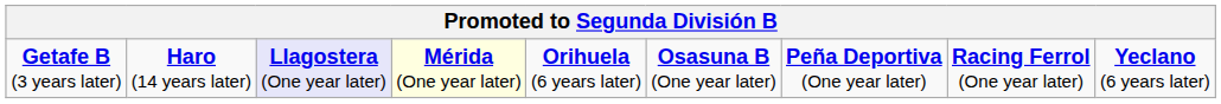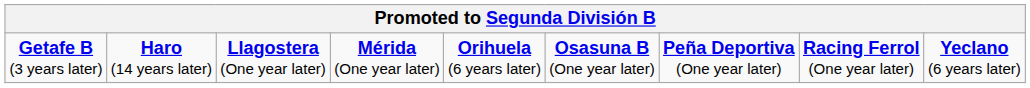 <table class="wikitable" style="text-align: center; margin: 0 auto;">
 <tr>
 <th colspan="9">Promoted to <a href='#'>Segunda División B</a></th>
 </tr>
 <tr>
 <td><strong><a href='#'>Getafe B</a></strong><br><small>(3 years later)</small></td>
 <td><strong><a href='#'>Haro</a></strong><br><small>(14 years later)</small></td>
-<td style="background: lavender;"><strong><a href='#'>Llagostera</a></strong><br><small>(One year later)</small></td>
-<td style="background: lightyellow;"><strong><a href='#'>Mérida</a></strong><br><small>(One year later)</small></td>
+<td><strong><a href='#'>Llagostera</a></strong><br><small>(One year later)</small></td>
+<td><strong><a href='#'>Mérida</a></strong><br><small>(One year later)</small></td>
 <td><strong><a href='#'>Orihuela</a></strong><br><small>(6 years later)</small></td>
 <td><strong><a href='#'>Osasuna B</a></strong><br><small>(One year later)</small></td>
 <td><strong><a href='#'>Peña Deportiva</a></strong><br><small>(One year later)</small></td>
 <td><strong><a href='#'>Racing Ferrol</a></strong><br><small>(One year later)</small></td>
 <td><strong><a href='#'>Yeclano</a></strong><br><small>(6 years later)</small></td>
 </tr>
 </table>
